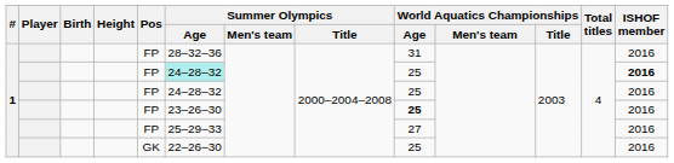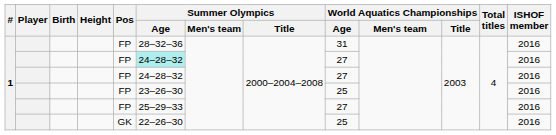 <table class="wikitable sortable plainrowheaders sticky-header-multi" style="text-align: center; font-size: 90%; margin-left: 1em;">
 <tr>
 <th scope="col" rowspan="2">#</th>
 <th scope="col" rowspan="2">Player</th>
 <th scope="col" rowspan="2">Birth</th>
 <th scope="col" rowspan="2">Height</th>
 <th scope="col" rowspan="2">Pos</th>
 <th scope="colgroup" colspan="3">Summer Olympics</th>
 <th scope="colgroup" colspan="3">World Aquatics Championships</th>
 <th scope="col" rowspan="2">Total<br>titles</th>
 <th scope="col" rowspan="2">ISHOF<br>member</th>
 </tr>
 <tr>
 <th scope="col">Age</th>
 <th scope="col">Men's team</th>
 <th scope="col">Title</th>
 <th scope="col">Age</th>
 <th scope="col">Men's team</th>
 <th scope="col">Title</th>
 </tr>
 <tr>
 <th scope="rowgroup" rowspan="6" style="text-align: center;"><strong>1</strong></th>
 <th scope="row"></th>
 <td></td>
 <td style="text-align: left;"></td>
 <td>FP</td>
 <td>28–32–36</td>
 <td rowspan="6" style="text-align: left;"></td>
 <td rowspan="6" style="text-align: left;">2000–2004–2008</td>
 <td>31</td>
 <td rowspan="6" style="text-align: left;"></td>
 <td rowspan="6" style="text-align: left;">2003</td>
 <td rowspan="6">4</td>
 <td>2016</td>
 </tr>
 <tr>
 <th scope="row"></th>
 <td></td>
 <td style="text-align: left;"></td>
 <td>FP</td>
 <td style="background: paleturquoise;">24–28–32</td>
-<td>25</td>
-<td><strong>2016</strong></td>
+<td>27</td>
+<td>2016</td>
 </tr>
 <tr>
 <th scope="row"></th>
 <td></td>
 <td style="text-align: left;"></td>
 <td>FP</td>
 <td>24–28–32</td>
-<td>25</td>
+<td>27</td>
 <td>2016</td>
 </tr>
 <tr>
 <th scope="row"></th>
 <td></td>
 <td style="text-align: left;"></td>
 <td>FP</td>
 <td>23–26–30</td>
-<td><strong>25</strong></td>
+<td>25</td>
 <td>2016</td>
 </tr>
 <tr>
 <th scope="row"></th>
 <td></td>
 <td style="text-align: left;"></td>
 <td>FP</td>
 <td>25–29–33</td>
 <td>27</td>
 <td>2016</td>
 </tr>
 <tr>
 <th scope="row"></th>
 <td></td>
 <td style="text-align: left;"></td>
 <td>GK</td>
 <td>22–26–30</td>
 <td>25</td>
 <td>2016</td>
 </tr>
 </table>
